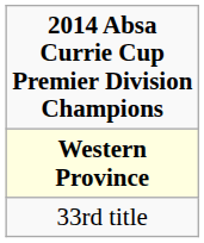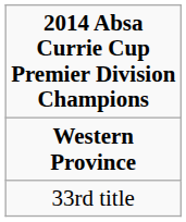 <table class="wikitable" style="text-align: center; margin: 0 auto; width: 20%">
 <tr>
 <td><strong>2014 Absa Currie Cup <br>Premier Division Champions<br></strong></td>
 </tr>
 <tr>
-<td style="background: lightyellow;"><strong>Western Province</strong></td>
+<td><strong>Western Province</strong></td>
 </tr>
 <tr>
 <td>33rd title</td>
 </tr>
 </table>
